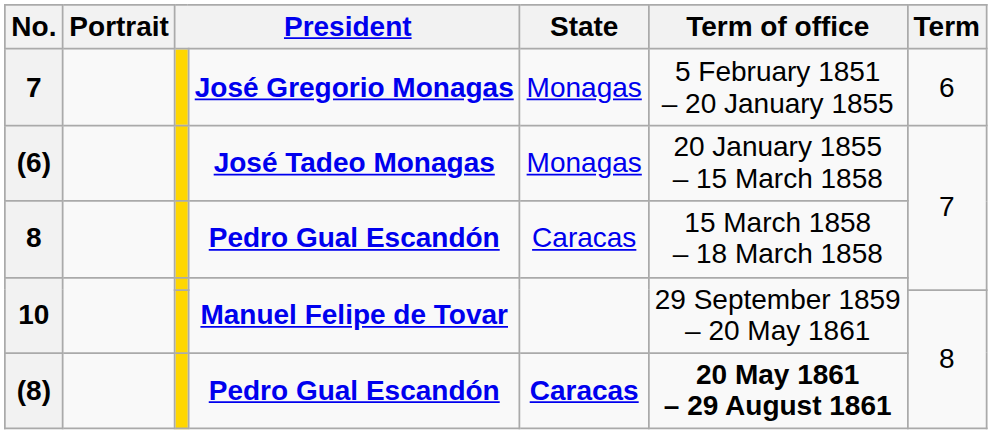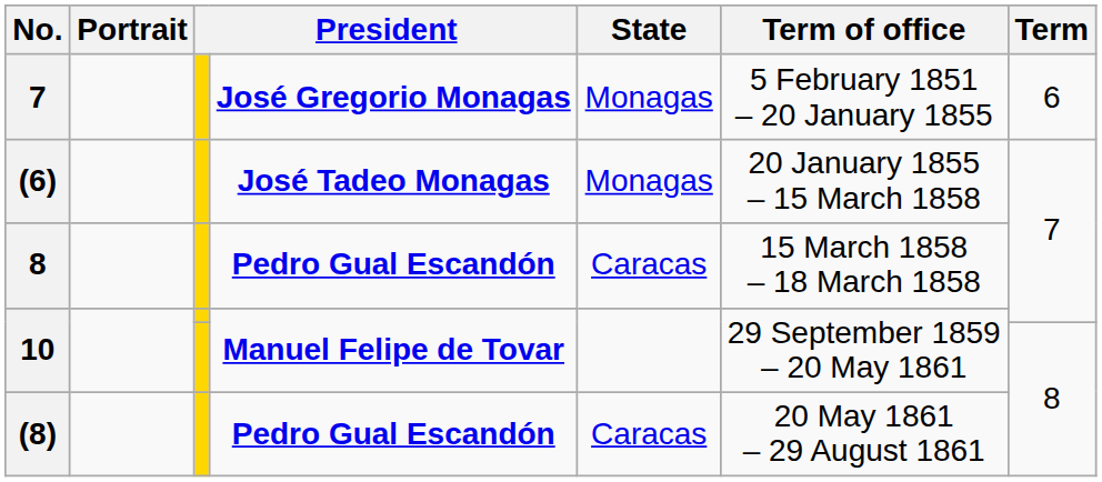 <table class="wikitable sortable" style="text-align: center;">
 <tr>
 <th>No.<br></th>
 <th>Portrait</th>
 <th colspan="2" style="width:120px;"><a href='#'>President</a></th>
 <th>State</th>
 <th>Term of office</th>
 <th>Term<br></th>
 </tr>
 <tr>
 <th style="text-align:center;">7</th>
 <td style="text-align:center;"></td>
 <td style="background:gold; text-align:center;"></td>
 <td style="text-align:center;"><strong><a href='#'>José Gregorio Monagas</a></strong> </td>
 <td style="text-align:center;"><a href='#'>Monagas</a></td>
 <td style="text-align:center;">5 February 1851<br>– 20 January 1855</td>
 <td style="text-align:center;">6<br></td>
 </tr>
 <tr>
 <th style="text-align:center;">(6)</th>
 <td style="text-align:center;"></td>
 <td style="background:gold; text-align:center;"></td>
 <td style="text-align:center;"><strong><a href='#'>José Tadeo Monagas</a></strong> </td>
 <td style="text-align:center;"><a href='#'>Monagas</a></td>
 <td style="text-align:center;">20 January 1855<br>– 15 March 1858</td>
 <td rowspan="3" style="text-align:center;">7<br></td>
 </tr>
 <tr>
 <th style="text-align:center;">8</th>
 <td style="text-align:center;"></td>
 <td style="background:gold; text-align:center;"></td>
 <td style="text-align:center;"><strong><a href='#'>Pedro Gual Escandón</a></strong> </td>
 <td style="text-align:center;"><a href='#'>Caracas</a></td>
 <td style="text-align:center;">15 March 1858<br>– 18 March 1858</td>
 </tr>
 <tr>
 <th rowspan="2" style="text-align:center;">10</th>
 <td rowspan="2" style="text-align:center;"></td>
 <td rowspan="" style="background:gold; text-align:center;"></td>
 <td rowspan="2" style="text-align:center;"><strong><a href='#'>Manuel Felipe de Tovar</a></strong> </td>
 <td rowspan="2" style="text-align:center;"></td>
 <td rowspan="2" style="text-align:center;">29 September 1859<br>– 20 May 1861</td>
 </tr>
 <tr>
 <td rowspan="" style="background:gold; text-align:center;"></td>
 <td rowspan="2" style="text-align:center;">8<br></td>
 </tr>
 <tr>
 <th style="text-align:center;">(8)</th>
 <td style="text-align:center;"></td>
 <td style="background:gold; text-align:center;"></td>
 <td style="text-align:center;"><strong><a href='#'>Pedro Gual Escandón</a></strong> </td>
-<td style="text-align:center;"><strong><a href='#'>Caracas</a></strong></td>
-<td style="text-align:center;"><strong>20 May 1861<br>– 29 August 1861</strong></td>
+<td style="text-align:center;"><a href='#'>Caracas</a></td>
+<td style="text-align:center;">20 May 1861<br>– 29 August 1861</td>
 </tr>
 </table>
